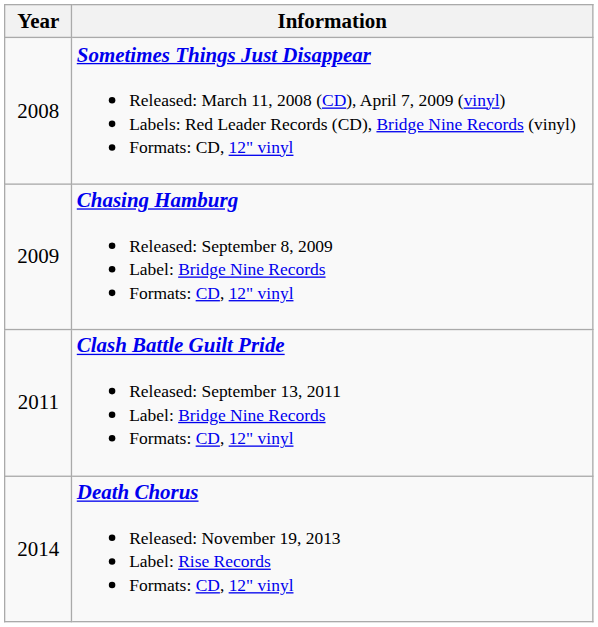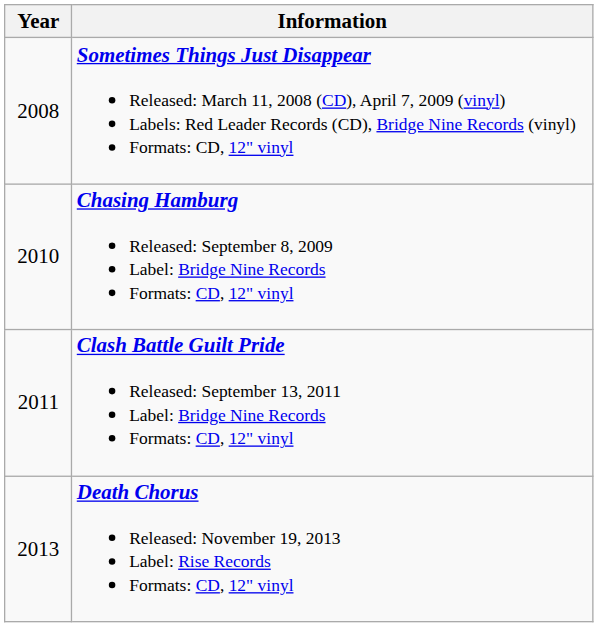 <table class="wikitable">
 <tr>
 <th rowspan="1" width="44">Year</th>
 <th rowspan="1" width="390">Information</th>
 </tr>
 <tr>
 <td align=center width="44">2008</td>
 <td width="390"><strong><em><a href='#'>Sometimes Things Just Disappear</a></em></strong><br><ul><li><small>Released: March 11, 2008 (<a href='#'>CD</a>), April 7, 2009 (<a href='#'>vinyl</a>)</small></li><li><small>Labels: Red Leader Records (CD), <a href='#'>Bridge Nine Records</a> (vinyl)</small></li><li><small>Formats: CD, <a href='#'>12" vinyl</a></small></li></ul></td>
 </tr>
 <tr>
-<td align=center width="44">2009</td>
+<td align=center width="44">2010</td>
 <td width="390"><strong><em><a href='#'>Chasing Hamburg</a></em></strong><br><ul><li><small>Released: September 8, 2009</small></li><li><small>Label: <a href='#'>Bridge Nine Records</a></small></li><li><small>Formats: <a href='#'>CD</a>, <a href='#'>12" vinyl</a></small></li></ul></td>
 </tr>
 <tr>
 <td align=center width="44">2011</td>
 <td width="390"><strong><em><a href='#'>Clash Battle Guilt Pride</a></em></strong><br><ul><li><small>Released: September 13, 2011</small></li><li><small>Label: <a href='#'>Bridge Nine Records</a></small></li><li><small>Formats: <a href='#'>CD</a>, <a href='#'>12" vinyl</a></small></li></ul></td>
 </tr>
 <tr>
-<td align=center width="44">2014</td>
+<td align=center width="44">2013</td>
 <td width="390"><strong><em><a href='#'>Death Chorus</a></em></strong><br><ul><li><small>Released: November 19, 2013</small></li><li><small>Label: <a href='#'>Rise Records</a></small></li><li><small>Formats: <a href='#'>CD</a>, <a href='#'>12" vinyl</a></small></li></ul></td>
 </tr>
 </table>
